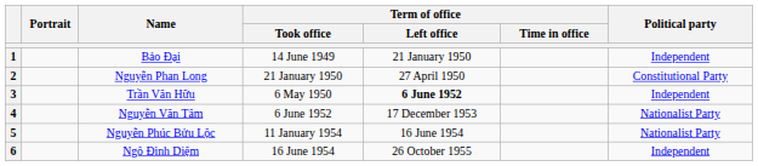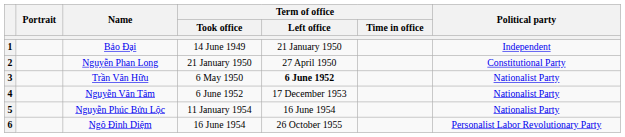 <table class="wikitable" style="text-align:center; border:1px #aaf solid; width:80%;">
 <tr>
 <th rowspan="2"></th>
 <th rowspan="2" style="width:70px;">Portrait</th>
 <th rowspan="2">Name<br></th>
 <th colspan="3">Term of office</th>
 <th rowspan="2">Political party</th>
 </tr>
 <tr>
 <th>Took office</th>
 <th>Left office</th>
 <th>Time in office</th>
 </tr>
 <tr>
 <th colspan=7></th>
 </tr>
 <tr>
 <th style="background:">1</th>
 <td></td>
 <td><a href='#'>Bảo Đại</a><br></td>
 <td>14 June 1949</td>
 <td>21 January 1950</td>
 <td></td>
 <td><a href='#'>Independent</a></td>
 </tr>
 <tr>
 <th style="background:">2</th>
 <td></td>
 <td><a href='#'>Nguyễn Phan Long</a><br></td>
 <td>21 January 1950</td>
 <td>27 April 1950</td>
 <td></td>
 <td><a href='#'>Constitutional Party</a></td>
 </tr>
 <tr>
 <th style="background:">3</th>
 <td></td>
 <td><a href='#'>Trần Văn Hữu</a><br></td>
 <td>6 May 1950</td>
 <td><strong>6 June 1952</strong></td>
 <td></td>
-<td><a href='#'>Independent</a></td>
+<td><a href='#'>Nationalist Party</a></td>
 </tr>
 <tr>
 <th style="background:">4</th>
 <td></td>
 <td><a href='#'>Nguyễn Văn Tâm</a><br></td>
 <td>6 June 1952</td>
 <td>17 December 1953</td>
 <td></td>
 <td><a href='#'>Nationalist Party</a></td>
 </tr>
 <tr>
 <th style="background:">5</th>
 <td></td>
 <td><a href='#'>Nguyễn Phúc Bửu Lộc</a><br></td>
 <td>11 January 1954</td>
 <td>16 June 1954</td>
 <td></td>
 <td><a href='#'>Nationalist Party</a></td>
 </tr>
 <tr>
 <th style="background:">6</th>
 <td></td>
 <td><a href='#'>Ngô Đình Diệm</a><br></td>
 <td>16 June 1954</td>
 <td>26 October 1955</td>
 <td></td>
-<td><a href='#'>Independent</a></td>
+<td><a href='#'>Personalist Labor Revolutionary Party</a></td>
 </tr>
 </table>
